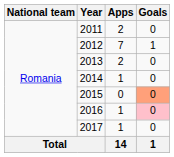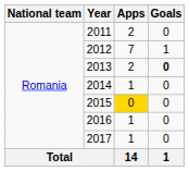 <table class="wikitable" style="text-align: center;">
 <tr>
 <th>National team</th>
 <th>Year</th>
 <th>Apps</th>
 <th>Goals</th>
 </tr>
 <tr>
 <td rowspan="7"><a href='#'>Romania</a></td>
 <td>2011</td>
 <td>2</td>
 <td>0</td>
 </tr>
 <tr>
 <td>2012</td>
 <td>7</td>
 <td>1</td>
 </tr>
 <tr>
 <td>2013</td>
 <td>2</td>
-<td>0</td>
+<td><strong>0</strong></td>
 </tr>
 <tr>
 <td>2014</td>
 <td>1</td>
 <td>0</td>
 </tr>
 <tr>
 <td>2015</td>
+<td style="background: gold;">0</td>
 <td>0</td>
-<td style="background: lightsalmon;">0</td>
 </tr>
 <tr>
 <td>2016</td>
 <td>1</td>
-<td style="background: pink;">0</td>
+<td>0</td>
 </tr>
 <tr>
 <td>2017</td>
 <td>1</td>
 <td>0</td>
 </tr>
 <tr>
 <th colspan=2>Total</th>
 <th>14</th>
 <th>1</th>
 </tr>
 </table>
